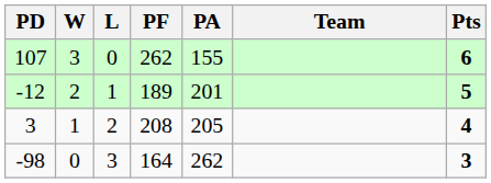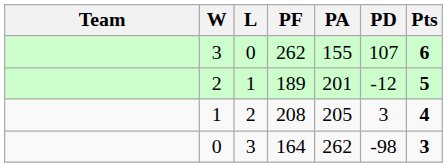 <table class="wikitable" style="text-align:center;">
 <tr>
-<th width=30>PD</th>
+<th width=150>Team</th>
 <th width=20>W</th>
 <th width=20>L</th>
 <th width=30>PF</th>
 <th width=30>PA</th>
-<th width=150>Team</th>
+<th width=30>PD</th>
 <th width=20>Pts</th>
 </tr>
 <tr bgcolor="#ccffcc">
-<td>107</td>
+<td align="left"></td>
 <td>3</td>
 <td>0</td>
 <td>262</td>
 <td>155</td>
-<td align="left"></td>
+<td>107</td>
 <td><strong>6</strong></td>
 </tr>
 <tr bgcolor="#ccffcc">
-<td>-12</td>
+<td align="left"></td>
 <td>2</td>
 <td>1</td>
 <td>189</td>
 <td>201</td>
-<td align="left"></td>
+<td>-12</td>
 <td><strong>5</strong></td>
 </tr>
 <tr>
-<td>3</td>
+<td align="left"></td>
 <td>1</td>
 <td>2</td>
 <td>208</td>
 <td>205</td>
-<td align="left"></td>
+<td>3</td>
 <td><strong>4</strong></td>
 </tr>
 <tr>
-<td>-98</td>
+<td align="left"></td>
 <td>0</td>
 <td>3</td>
 <td>164</td>
 <td>262</td>
-<td align="left"></td>
+<td>-98</td>
 <td><strong>3</strong></td>
 </tr>
 </table>
